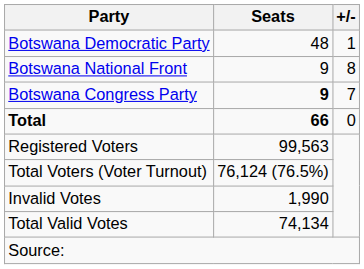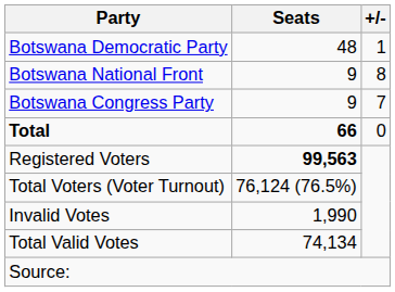 <table class=wikitable style=text-align:right>
 <tr>
 <th>Party</th>
 <th>Seats</th>
 <th>+/-</th>
 </tr>
 <tr>
 <td align=left><a href='#'>Botswana Democratic Party</a></td>
 <td>48</td>
 <td>1</td>
 </tr>
 <tr>
 <td align=left><a href='#'>Botswana National Front</a></td>
 <td>9</td>
 <td>8</td>
 </tr>
 <tr>
 <td align=left><a href='#'>Botswana Congress Party</a></td>
-<td><strong>9</strong></td>
+<td>9</td>
 <td>7</td>
 </tr>
 <tr>
 <td align=left><strong>Total</strong></td>
 <td><strong>66</strong></td>
 <td>0</td>
 </tr>
 <tr>
 <td align=left>Registered Voters</td>
-<td>99,563</td>
+<td><strong>99,563</strong></td>
 </tr>
 <tr>
 <td align=left>Total Voters (Voter Turnout)</td>
 <td>76,124 (76.5%)</td>
 </tr>
 <tr>
 <td align=left>Invalid Votes</td>
 <td>1,990</td>
 </tr>
 <tr>
 <td align=left>Total Valid Votes</td>
 <td>74,134</td>
 </tr>
 <tr>
 <td colspan=4 align=left>Source: </td>
 </tr>
 </table>
